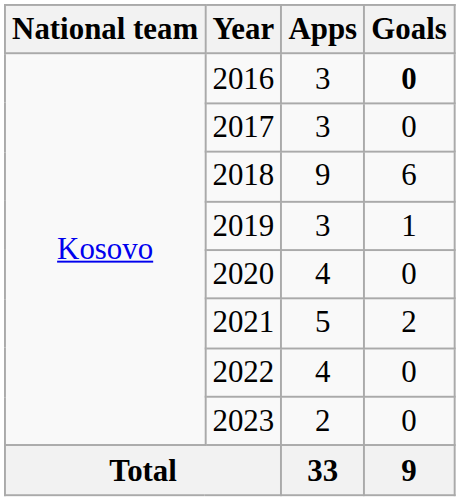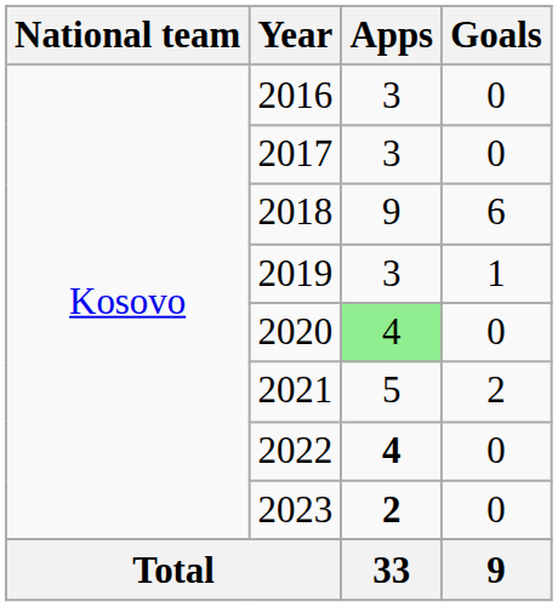 <table class=wikitable style="text-align: center;">
 <tr>
 <th>National team</th>
 <th>Year</th>
 <th>Apps</th>
 <th>Goals</th>
 </tr>
 <tr>
 <td rowspan="8"><a href='#'>Kosovo</a></td>
 <td>2016</td>
 <td>3</td>
-<td><strong>0</strong></td>
+<td>0</td>
 </tr>
 <tr>
 <td>2017</td>
 <td>3</td>
 <td>0</td>
 </tr>
 <tr>
 <td>2018</td>
 <td>9</td>
 <td>6</td>
 </tr>
 <tr>
 <td>2019</td>
 <td>3</td>
 <td>1</td>
 </tr>
 <tr>
 <td>2020</td>
-<td>4</td>
+<td style="background: lightgreen;">4</td>
 <td>0</td>
 </tr>
 <tr>
 <td>2021</td>
 <td>5</td>
 <td>2</td>
 </tr>
 <tr>
 <td>2022</td>
-<td>4</td>
+<td><strong>4</strong></td>
 <td>0</td>
 </tr>
 <tr>
 <td>2023</td>
-<td>2</td>
+<td><strong>2</strong></td>
 <td>0</td>
 </tr>
 <tr>
 <th colspan="2">Total</th>
 <th>33</th>
 <th>9</th>
 </tr>
 </table>
